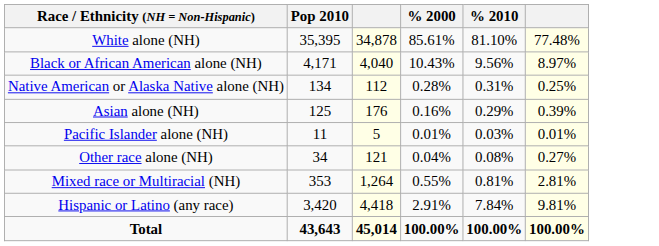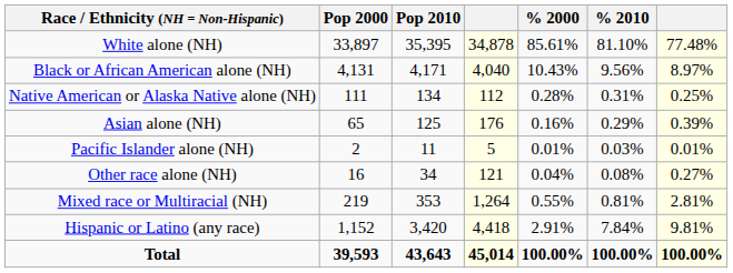 <table class="wikitable" style="text-align:center;">
 <tr>
 <th>Race / Ethnicity <small>(<em>NH = Non-Hispanic</em>)</small></th>
+<th>Pop 2000</th>
 <th>Pop 2010</th>
 <th></th>
 <th>% 2000</th>
 <th>% 2010</th>
 <th></th>
 </tr>
 <tr>
 <td><a href='#'>White</a> alone (NH)</td>
+<td>33,897</td>
 <td>35,395</td>
 <td style='background: #ffffe6;'>34,878</td>
 <td>85.61%</td>
 <td>81.10%</td>
 <td style='background: #ffffe6;'>77.48%</td>
 </tr>
 <tr>
 <td><a href='#'>Black or African American</a> alone (NH)</td>
+<td>4,131</td>
 <td>4,171</td>
 <td style='background: #ffffe6;'>4,040</td>
 <td>10.43%</td>
 <td>9.56%</td>
 <td style='background: #ffffe6;'>8.97%</td>
 </tr>
 <tr>
 <td><a href='#'>Native American</a> or <a href='#'>Alaska Native</a> alone (NH)</td>
+<td>111</td>
 <td>134</td>
 <td style='background: #ffffe6;'>112</td>
 <td>0.28%</td>
 <td>0.31%</td>
 <td style='background: #ffffe6;'>0.25%</td>
 </tr>
 <tr>
 <td><a href='#'>Asian</a> alone (NH)</td>
+<td>65</td>
 <td>125</td>
 <td style='background: #ffffe6;'>176</td>
 <td>0.16%</td>
 <td>0.29%</td>
 <td style='background: #ffffe6;'>0.39%</td>
 </tr>
 <tr>
 <td><a href='#'>Pacific Islander</a> alone (NH)</td>
+<td>2</td>
 <td>11</td>
 <td style='background: #ffffe6;'>5</td>
 <td>0.01%</td>
 <td>0.03%</td>
 <td style='background: #ffffe6;'>0.01%</td>
 </tr>
 <tr>
 <td><a href='#'>Other race</a> alone (NH)</td>
+<td>16</td>
 <td>34</td>
 <td style='background: #ffffe6;'>121</td>
 <td>0.04%</td>
 <td>0.08%</td>
 <td style='background: #ffffe6;'>0.27%</td>
 </tr>
 <tr>
 <td><a href='#'>Mixed race or Multiracial</a> (NH)</td>
+<td>219</td>
 <td>353</td>
 <td style='background: #ffffe6;'>1,264</td>
 <td>0.55%</td>
 <td>0.81%</td>
 <td style='background: #ffffe6;'>2.81%</td>
 </tr>
 <tr>
 <td><a href='#'>Hispanic or Latino</a> (any race)</td>
+<td>1,152</td>
 <td>3,420</td>
 <td style='background: #ffffe6;'>4,418</td>
 <td>2.91%</td>
 <td>7.84%</td>
 <td style='background: #ffffe6;'>9.81%</td>
 </tr>
 <tr>
 <td><strong>Total</strong></td>
+<td><strong>39,593</strong></td>
 <td><strong>43,643</strong></td>
 <td style='background: #ffffe6;'><strong>45,014</strong></td>
 <td><strong>100.00%</strong></td>
 <td><strong>100.00%</strong></td>
 <td style='background: #ffffe6;'><strong>100.00%</strong></td>
 </tr>
 </table>
